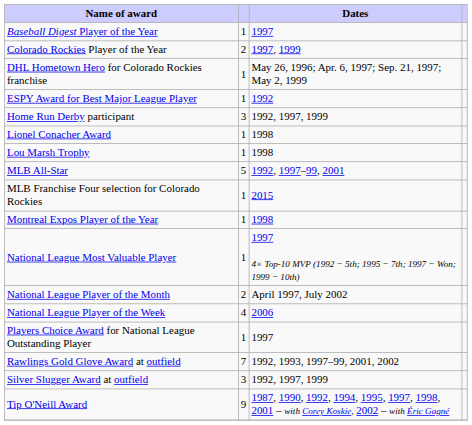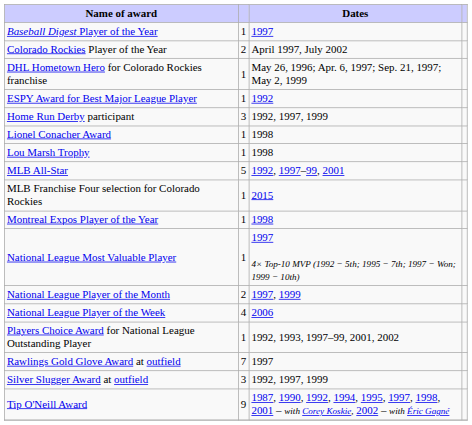 <table class="wikitable" margin: 5px; text-align: center; style=font-size:90%>
 <tr>
 <th style="background:#ccf;">Name of award</th>
 <th style="background:#ccf;"></th>
 <th style="background:#ccf;">Dates</th>
 <th style="background:#ccf;"></th>
 </tr>
 <tr>
 <td><a href='#'><em>Baseball Digest</em> Player of the Year</a></td>
 <td align="center">1</td>
 <td><a href='#'>1997</a></td>
 <td></td>
 </tr>
 <tr>
 <td><a href='#'>Colorado Rockies</a> Player of the Year</td>
 <td align="center">2</td>
-<td><a href='#'>1997</a>, <a href='#'>1999</a></td>
+<td>April 1997, July 2002</td>
 <td></td>
 </tr>
 <tr>
 <td><a href='#'>DHL Hometown Hero</a> for Colorado Rockies franchise</td>
 <td align="center">1</td>
 <td>May 26, 1996; Apr. 6, 1997; Sep. 21, 1997; May 2, 1999</td>
 <td></td>
 </tr>
 <tr>
 <td><a href='#'>ESPY Award for Best Major League Player</a></td>
 <td align="center">1</td>
 <td><a href='#'>1992</a></td>
 <td></td>
 </tr>
 <tr>
 <td><a href='#'>Home Run Derby</a> participant</td>
 <td align="center">3</td>
 <td>1992, 1997, 1999</td>
 <td></td>
 </tr>
 <tr>
 <td><a href='#'>Lionel Conacher Award</a></td>
 <td align="center">1</td>
 <td>1998</td>
 <td></td>
 </tr>
 <tr>
 <td><a href='#'>Lou Marsh Trophy</a></td>
 <td align="center">1</td>
 <td>1998</td>
 <td></td>
 </tr>
 <tr>
 <td><a href='#'>MLB All-Star</a></td>
 <td align="center">5</td>
 <td><a href='#'>1992</a>, <a href='#'>1997</a>–<a href='#'>99</a>, <a href='#'>2001</a></td>
 <td></td>
 </tr>
 <tr>
 <td>MLB Franchise Four selection for Colorado Rockies</td>
 <td align="center">1</td>
 <td><a href='#'>2015</a></td>
 <td></td>
 </tr>
 <tr>
 <td><a href='#'>Montreal Expos Player of the Year</a></td>
 <td align="center">1</td>
 <td><a href='#'>1998</a></td>
 <td></td>
 </tr>
 <tr>
 <td><a href='#'>National League Most Valuable Player</a></td>
 <td align="center">1</td>
 <td><a href='#'>1997</a><br><br><small> <em>4× Top-10 MVP (1992 − 5th; 1995 − 7th; 1997 − Won; 1999 − 10th)</em></small></td>
 <td></td>
 </tr>
 <tr>
 <td><a href='#'>National League Player of the Month</a></td>
 <td align="center">2</td>
-<td>April 1997, July 2002</td>
+<td><a href='#'>1997</a>, <a href='#'>1999</a></td>
 <td></td>
 </tr>
 <tr>
 <td><a href='#'>National League Player of the Week</a></td>
 <td align="center">4</td>
 <td><a href='#'>2006</a></td>
 <td></td>
 </tr>
 <tr>
 <td><a href='#'>Players Choice Award</a> for National League Outstanding Player</td>
 <td align="center">1</td>
-<td>1997</td>
+<td>1992, 1993, 1997–99, 2001, 2002</td>
 <td></td>
 </tr>
 <tr>
 <td><a href='#'>Rawlings Gold Glove Award</a> at <a href='#'>outfield</a></td>
 <td align="center">7</td>
-<td>1992, 1993, 1997–99, 2001, 2002</td>
+<td>1997</td>
 <td></td>
 </tr>
 <tr>
 <td><a href='#'>Silver Slugger Award</a> at <a href='#'>outfield</a></td>
 <td align="center">3</td>
 <td>1992, 1997, 1999</td>
 <td></td>
 </tr>
 <tr>
 <td><a href='#'>Tip O'Neill Award</a></td>
 <td align="center">9</td>
 <td><a href='#'>1987</a>, <a href='#'>1990</a>, <a href='#'>1992</a>, <a href='#'>1994</a>, <a href='#'>1995</a>, <a href='#'>1997</a>, <a href='#'>1998</a>,<br> <a href='#'>2001</a> – <small><em>with <a href='#'>Corey Koskie</a>,</em></small> <a href='#'>2002</a> – <small><em>with <a href='#'>Éric Gagné</a></em></small></td>
 <td></td>
 </tr>
 <tr>
 </tr>
 </table>
